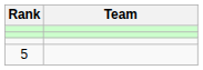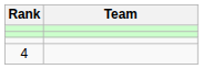 <table class="wikitable" style="text-align: center;">
 <tr>
 <th width=40>Rank</th>
 <th width=180>Team</th>
 </tr>
 <tr bgcolor=#ccffcc>
 <td></td>
 <td align=left></td>
 </tr>
 <tr bgcolor=#ccffcc>
 <td></td>
 <td align=left></td>
 </tr>
 <tr>
 <td></td>
 <td align=left></td>
 </tr>
 <tr>
-<td>5</td>
+<td>4</td>
 <td align=left></td>
 </tr>
 </table>
